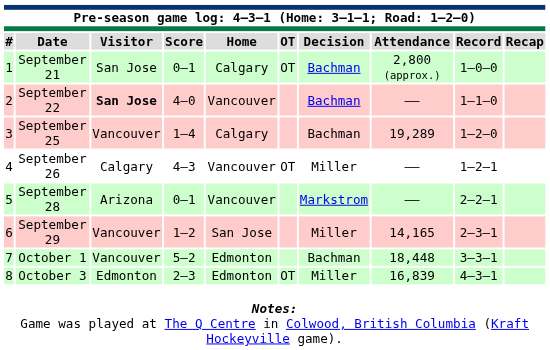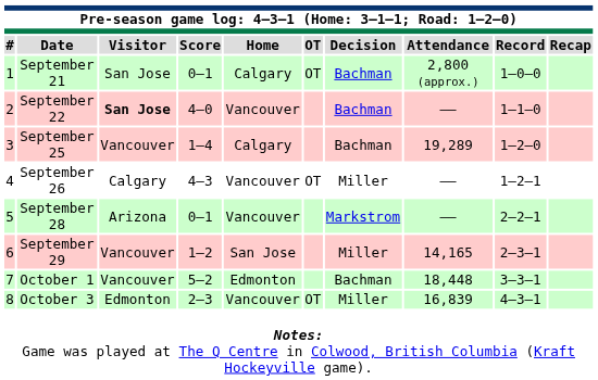 <table class="toccolours collapsible collapsed" style="width:90%; clear:both; margin:1.5em auto; text-align:center;">
 <tr>
 <th colspan=10 style="background:#fff; border-top:#07346F 5px solid; border-bottom:#047A4A 5px solid;">Pre-season game log: 4–3–1 (Home: 3–1–1; Road: 1–2–0)</th>
 </tr>
 <tr style="text-align:center; background:#ddd;">
 <th>#</th>
 <th>Date</th>
 <th>Visitor</th>
 <th>Score</th>
 <th>Home</th>
 <th>OT</th>
 <th>Decision</th>
 <th>Attendance</th>
 <th>Record</th>
 <th>Recap</th>
 </tr>
 <tr style="text-align:center; background:#cfc;">
 <td>1</td>
 <td>September 21</td>
 <td>San Jose</td>
 <td>0–1</td>
 <td>Calgary</td>
 <td>OT</td>
 <td><a href='#'>Bachman</a></td>
 <td>2,800 <small>(approx.)</small></td>
 <td>1–0–0</td>
 <td></td>
 </tr>
 <tr style="text-align:center; background:#fcc;">
 <td>2</td>
 <td>September 22</td>
 <td><strong>San Jose</strong></td>
 <td>4–0</td>
 <td>Vancouver</td>
 <td></td>
 <td><a href='#'>Bachman</a></td>
 <td>––</td>
 <td>1–1–0</td>
 <td></td>
 </tr>
 <tr style="text-align:center; background:#fcc;">
 <td>3</td>
 <td>September 25</td>
 <td>Vancouver</td>
 <td>1–4</td>
 <td>Calgary</td>
 <td></td>
 <td>Bachman</td>
 <td>19,289</td>
 <td>1–2–0</td>
 <td></td>
 </tr>
 <tr style="text-align:center; background:#fff;">
 <td>4</td>
 <td>September 26</td>
 <td>Calgary</td>
 <td>4–3</td>
 <td>Vancouver</td>
 <td>OT</td>
 <td>Miller</td>
 <td>––</td>
 <td>1–2–1</td>
 <td></td>
 </tr>
 <tr style="text-align:center; background:#cfc;">
 <td>5</td>
 <td>September 28</td>
 <td>Arizona</td>
 <td>0–1</td>
 <td>Vancouver</td>
 <td></td>
 <td><a href='#'>Markstrom</a></td>
 <td>––</td>
 <td>2–2–1</td>
 <td></td>
 </tr>
 <tr style="text-align:center; background:#fcc;">
 <td>6</td>
 <td>September 29</td>
 <td>Vancouver</td>
 <td>1–2</td>
 <td>San Jose</td>
 <td></td>
 <td>Miller</td>
 <td>14,165</td>
 <td>2–3–1</td>
 <td></td>
 </tr>
 <tr style="text-align:center; background:#cfc;">
 <td>7</td>
 <td>October 1</td>
 <td>Vancouver</td>
 <td>5–2</td>
 <td>Edmonton</td>
 <td></td>
 <td>Bachman</td>
 <td>18,448</td>
 <td>3–3–1</td>
 <td></td>
 </tr>
 <tr style="text-align:center; background:#cfc;">
 <td>8</td>
 <td>October 3</td>
 <td>Edmonton</td>
 <td>2–3</td>
-<td>Edmonton</td>
+<td>Vancouver</td>
 <td>OT</td>
 <td>Miller</td>
 <td>16,839</td>
 <td>4–3–1</td>
 <td></td>
 </tr>
 <tr>
 <td colspan="10" style="text-align:center;"><br><strong><em>Notes:</em></strong><br> Game was played at <a href='#'>The Q Centre</a> in <a href='#'>Colwood, British Columbia</a> (<a href='#'>Kraft Hockeyville</a> game).</td>
 </tr>
 </table>
